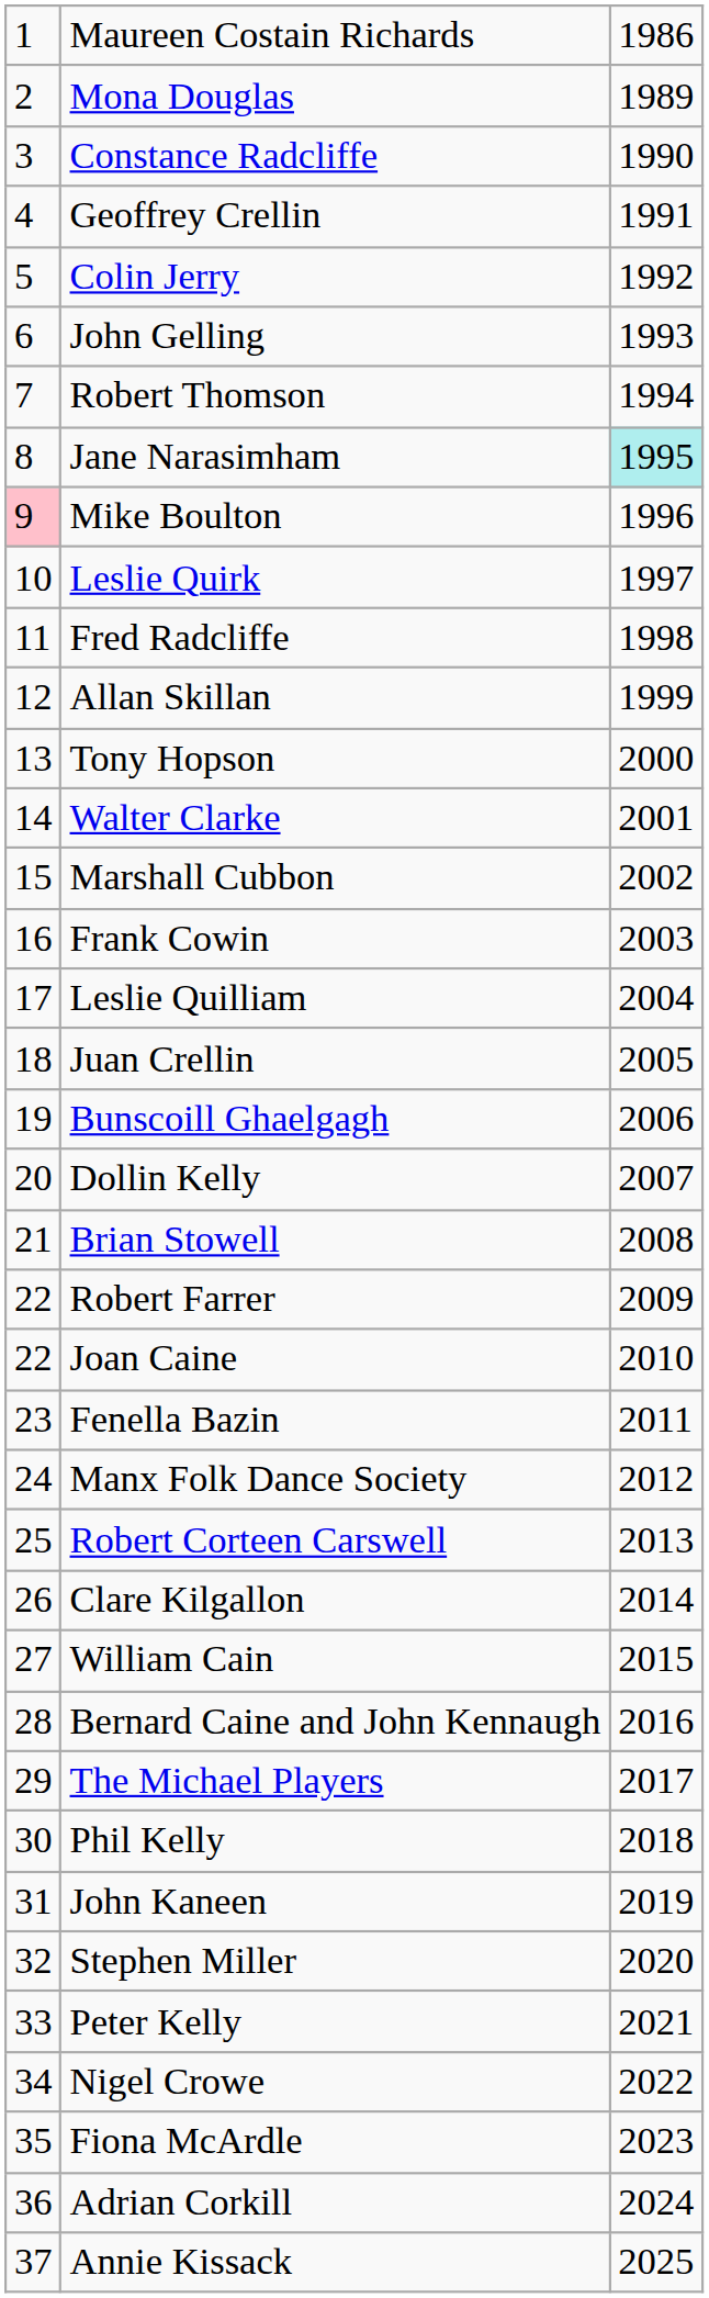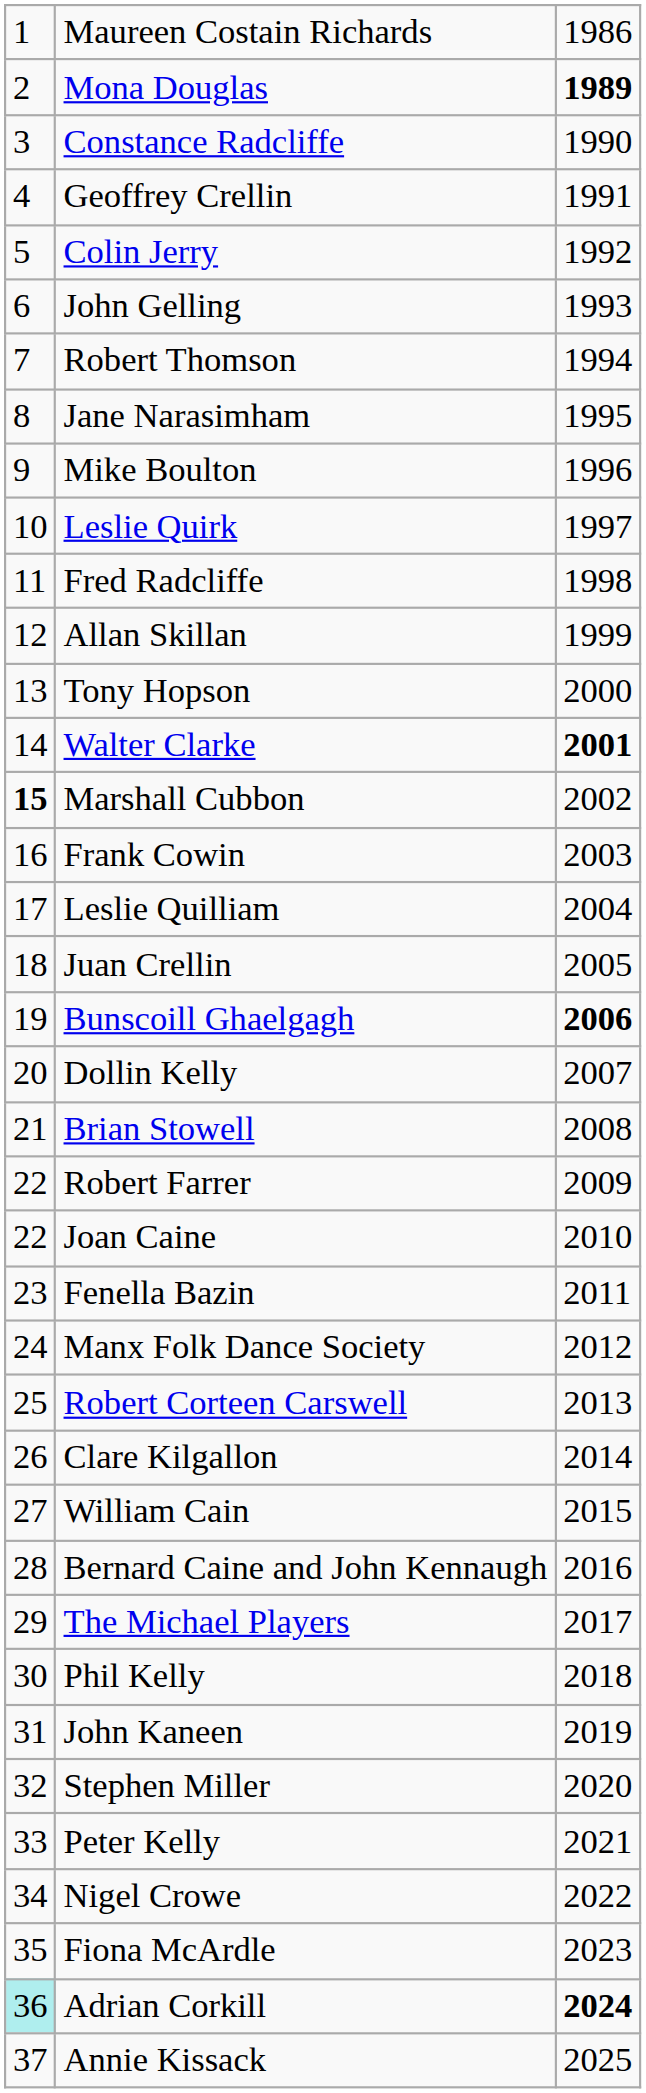 <table class = "wikitable">
 <tr>
 <td>1</td>
 <td>Maureen Costain Richards</td>
 <td>1986</td>
 </tr>
 <tr>
 <td>2</td>
 <td><a href='#'>Mona Douglas</a></td>
-<td>1989</td>
+<td><strong>1989</strong></td>
 </tr>
 <tr>
 <td>3</td>
 <td><a href='#'>Constance Radcliffe</a></td>
 <td>1990</td>
 </tr>
 <tr>
 <td>4</td>
 <td>Geoffrey Crellin</td>
 <td>1991</td>
 </tr>
 <tr>
 <td>5</td>
 <td><a href='#'>Colin Jerry</a></td>
 <td>1992</td>
 </tr>
 <tr>
 <td>6</td>
 <td>John Gelling</td>
 <td>1993</td>
 </tr>
 <tr>
 <td>7</td>
 <td>Robert Thomson</td>
 <td>1994</td>
 </tr>
 <tr>
 <td>8</td>
 <td>Jane Narasimham</td>
-<td style="background: paleturquoise;">1995</td>
+<td>1995</td>
 </tr>
 <tr>
-<td style="background: pink;">9</td>
+<td>9</td>
 <td>Mike Boulton</td>
 <td>1996</td>
 </tr>
 <tr>
 <td>10</td>
 <td><a href='#'>Leslie Quirk</a></td>
 <td>1997</td>
 </tr>
 <tr>
 <td>11</td>
 <td>Fred Radcliffe</td>
 <td>1998</td>
 </tr>
 <tr>
 <td>12</td>
 <td>Allan Skillan</td>
 <td>1999</td>
 </tr>
 <tr>
 <td>13</td>
 <td>Tony Hopson</td>
 <td>2000</td>
 </tr>
 <tr>
 <td>14</td>
 <td><a href='#'>Walter Clarke</a></td>
-<td>2001</td>
+<td><strong>2001</strong></td>
 </tr>
 <tr>
-<td>15</td>
+<td><strong>15</strong></td>
 <td>Marshall Cubbon</td>
 <td>2002</td>
 </tr>
 <tr>
 <td>16</td>
 <td>Frank Cowin</td>
 <td>2003</td>
 </tr>
 <tr>
 <td>17</td>
 <td>Leslie Quilliam</td>
 <td>2004</td>
 </tr>
 <tr>
 <td>18</td>
 <td>Juan Crellin</td>
 <td>2005</td>
 </tr>
 <tr>
 <td>19</td>
 <td><a href='#'>Bunscoill Ghaelgagh</a></td>
-<td>2006</td>
+<td><strong>2006</strong></td>
 </tr>
 <tr>
 <td>20</td>
 <td>Dollin Kelly</td>
 <td>2007</td>
 </tr>
 <tr>
 <td>21</td>
 <td><a href='#'>Brian Stowell</a></td>
 <td>2008</td>
 </tr>
 <tr>
 <td>22</td>
 <td>Robert Farrer</td>
 <td>2009</td>
 </tr>
 <tr>
 <td>22</td>
 <td>Joan Caine</td>
 <td>2010</td>
 </tr>
 <tr>
 <td>23</td>
 <td>Fenella Bazin</td>
 <td>2011</td>
 </tr>
 <tr>
 <td>24</td>
 <td>Manx Folk Dance Society</td>
 <td>2012</td>
 </tr>
 <tr>
 <td>25</td>
 <td><a href='#'>Robert Corteen Carswell</a></td>
 <td>2013</td>
 </tr>
 <tr>
 <td>26</td>
 <td>Clare Kilgallon</td>
 <td>2014</td>
 </tr>
 <tr>
 <td>27</td>
 <td>William Cain</td>
 <td>2015</td>
 </tr>
 <tr>
 <td>28</td>
 <td>Bernard Caine and John Kennaugh</td>
 <td>2016</td>
 </tr>
 <tr>
 <td>29</td>
 <td><a href='#'>The Michael Players</a></td>
 <td>2017</td>
 </tr>
 <tr>
 <td>30</td>
 <td>Phil Kelly</td>
 <td>2018</td>
 </tr>
 <tr>
 <td>31</td>
 <td>John Kaneen</td>
 <td>2019</td>
 </tr>
 <tr>
 <td>32</td>
 <td>Stephen Miller</td>
 <td>2020</td>
 </tr>
 <tr>
 <td>33</td>
 <td>Peter Kelly</td>
 <td>2021</td>
 </tr>
 <tr>
 <td>34</td>
 <td>Nigel Crowe</td>
 <td>2022</td>
 </tr>
 <tr>
 <td>35</td>
 <td>Fiona McArdle</td>
 <td>2023</td>
 </tr>
 <tr>
-<td>36</td>
+<td style="background: paleturquoise;">36</td>
 <td>Adrian Corkill</td>
-<td>2024</td>
+<td><strong>2024</strong></td>
 </tr>
 <tr>
 <td>37</td>
 <td>Annie Kissack</td>
 <td>2025</td>
 </tr>
 </table>
